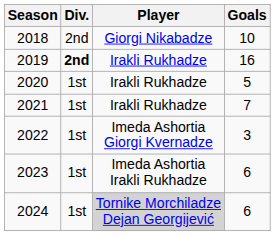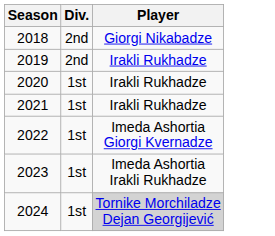 <table class="wikitable sortable" style="text-align: center;">
 <tr>
 <th>Season</th>
 <th>Div.</th>
 <th>Player</th>
-<th>Goals</th>
 </tr>
 <tr>
 <td>2018</td>
 <td>2nd</td>
 <td> <a href='#'>Giorgi Nikabadze</a></td>
-<td>10</td>
 </tr>
 <tr>
 <td>2019</td>
-<td><strong>2nd</strong></td>
+<td>2nd</td>
 <td> <a href='#'>Irakli Rukhadze</a></td>
-<td>16</td>
 </tr>
 <tr>
 <td>2020</td>
 <td>1st</td>
 <td> Irakli Rukhadze</td>
-<td>5</td>
 </tr>
 <tr>
 <td>2021</td>
 <td>1st</td>
 <td> Irakli Rukhadze</td>
-<td>7</td>
 </tr>
 <tr>
 <td>2022</td>
 <td>1st</td>
 <td> Imeda Ashortia <br>  <a href='#'>Giorgi Kvernadze</a></td>
-<td>3</td>
 </tr>
 <tr>
 <td>2023</td>
 <td>1st</td>
 <td> Imeda Ashortia <br>  Irakli Rukhadze</td>
-<td>6</td>
 </tr>
 <tr>
 <td>2024</td>
 <td>1st</td>
 <td style="background: lightgrey;"> <a href='#'>Tornike Morchiladze</a> <br>  <a href='#'>Dejan Georgijević</a></td>
-<td>6</td>
 </tr>
 </table>
